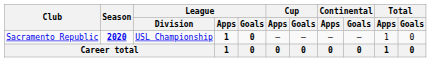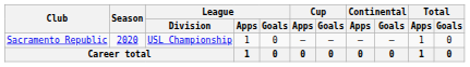 <table class=wikitable style=text-align:center>
 <tr>
 <th rowspan=2>Club</th>
 <th rowspan=2>Season</th>
 <th colspan=3>League</th>
 <th colspan=2>Cup</th>
 <th colspan=2>Continental</th>
 <th colspan=2>Total</th>
 </tr>
 <tr>
 <th>Division</th>
 <th>Apps</th>
 <th>Goals</th>
 <th>Apps</th>
 <th>Goals</th>
 <th>Apps</th>
 <th>Goals</th>
 <th>Apps</th>
 <th>Goals</th>
 </tr>
 <tr>
 <td rowspan=1><a href='#'>Sacramento Republic</a></td>
-<td><strong><a href='#'>2020</a></strong></td>
+<td><a href='#'>2020</a></td>
 <td><a href='#'>USL Championship</a></td>
-<td><strong>1</strong></td>
-<td><strong>0</strong></td>
+<td>1</td>
+<td>0</td>
 <td>—</td>
 <td>—</td>
 <td>—</td>
 <td>—</td>
 <td>1</td>
 <td>0</td>
 </tr>
 <tr>
 <th colspan=3>Career total</th>
 <th>1</th>
 <th>0</th>
 <th>0</th>
 <th>0</th>
 <th>0</th>
 <th>0</th>
 <th>1</th>
 <th>0</th>
 </tr>
 </table>
